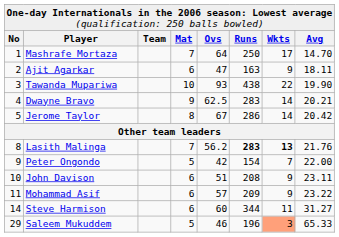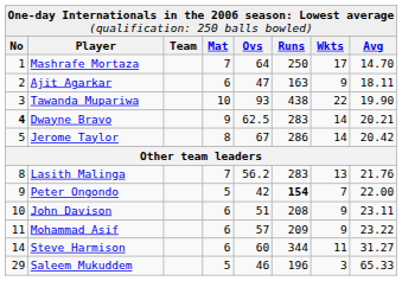 <table class="wikitable">
 <tr>
 <td style="background:#efefef; text-align:center;" colspan="8"><strong>One-day Internationals in the 2006 season: Lowest average</strong><br><em>(qualification: 250 balls bowled)</em></td>
 </tr>
 <tr>
 <th>No</th>
 <th>Player</th>
 <th>Team</th>
 <th><a href='#'>Mat</a></th>
 <th><a href='#'>Ovs</a></th>
 <th><a href='#'>Runs</a></th>
 <th><a href='#'>Wkts</a></th>
 <th><a href='#'>Avg</a></th>
 </tr>
 <tr style="text-align:right;">
 <td>1</td>
 <td style="text-align:left;"><a href='#'>Mashrafe Mortaza</a></td>
 <td style="text-align:left;"></td>
 <td>7</td>
 <td>64</td>
 <td>250</td>
 <td>17</td>
 <td>14.70</td>
 </tr>
 <tr style="text-align:right;">
 <td>2</td>
 <td style="text-align:left;"><a href='#'>Ajit Agarkar</a></td>
 <td style="text-align:left;"></td>
 <td>6</td>
 <td>47</td>
 <td>163</td>
 <td>9</td>
 <td>18.11</td>
 </tr>
 <tr style="text-align:right;">
 <td>3</td>
 <td style="text-align:left;"><a href='#'>Tawanda Mupariwa</a></td>
 <td style="text-align:left;"></td>
 <td>10</td>
 <td>93</td>
 <td>438</td>
 <td>22</td>
 <td>19.90</td>
 </tr>
 <tr style="text-align:right;">
-<td>4</td>
+<td><strong>4</strong></td>
 <td style="text-align:left;"><a href='#'>Dwayne Bravo</a></td>
 <td style="text-align:left;"></td>
 <td>9</td>
 <td>62.5</td>
 <td>283</td>
 <td>14</td>
 <td>20.21</td>
 </tr>
 <tr style="text-align:right;">
 <td>5</td>
 <td style="text-align:left;"><a href='#'>Jerome Taylor</a></td>
 <td style="text-align:left;"></td>
 <td>8</td>
 <td>67</td>
 <td>286</td>
 <td>14</td>
 <td>20.42</td>
 </tr>
 <tr>
 <th colspan="8">Other team leaders</th>
 </tr>
 <tr style="text-align:right;">
 <td>8</td>
 <td style="text-align:left;"><a href='#'>Lasith Malinga</a></td>
 <td style="text-align:left;"></td>
 <td>7</td>
 <td>56.2</td>
-<td><strong>283</strong></td>
-<td><strong>13</strong></td>
+<td>283</td>
+<td>13</td>
 <td>21.76</td>
 </tr>
 <tr style="text-align:right;">
 <td>9</td>
 <td style="text-align:left;"><a href='#'>Peter Ongondo</a></td>
 <td style="text-align:left;"></td>
 <td>5</td>
 <td>42</td>
-<td>154</td>
+<td><strong>154</strong></td>
 <td>7</td>
 <td>22.00</td>
 </tr>
 <tr style="text-align:right;">
 <td>10</td>
 <td style="text-align:left;"><a href='#'>John Davison</a></td>
 <td style="text-align:left;"></td>
 <td>6</td>
 <td>51</td>
 <td>208</td>
 <td>9</td>
 <td>23.11</td>
 </tr>
 <tr style="text-align:right;">
 <td>11</td>
 <td style="text-align:left;"><a href='#'>Mohammad Asif</a></td>
 <td style="text-align:left;"></td>
 <td>6</td>
 <td>57</td>
 <td>209</td>
 <td>9</td>
 <td>23.22</td>
 </tr>
 <tr style="text-align:right;">
 <td>14</td>
 <td style="text-align:left;"><a href='#'>Steve Harmison</a></td>
 <td style="text-align:left;"></td>
 <td>6</td>
 <td>60</td>
 <td>344</td>
 <td>11</td>
 <td>31.27</td>
 </tr>
 <tr style="text-align:right;">
 <td>29</td>
 <td style="text-align:left;"><a href='#'>Saleem Mukuddem</a></td>
 <td style="text-align:left;"></td>
 <td>5</td>
 <td>46</td>
 <td>196</td>
-<td style="background: lightsalmon;">3</td>
+<td>3</td>
 <td>65.33</td>
 </tr>
 </table>
